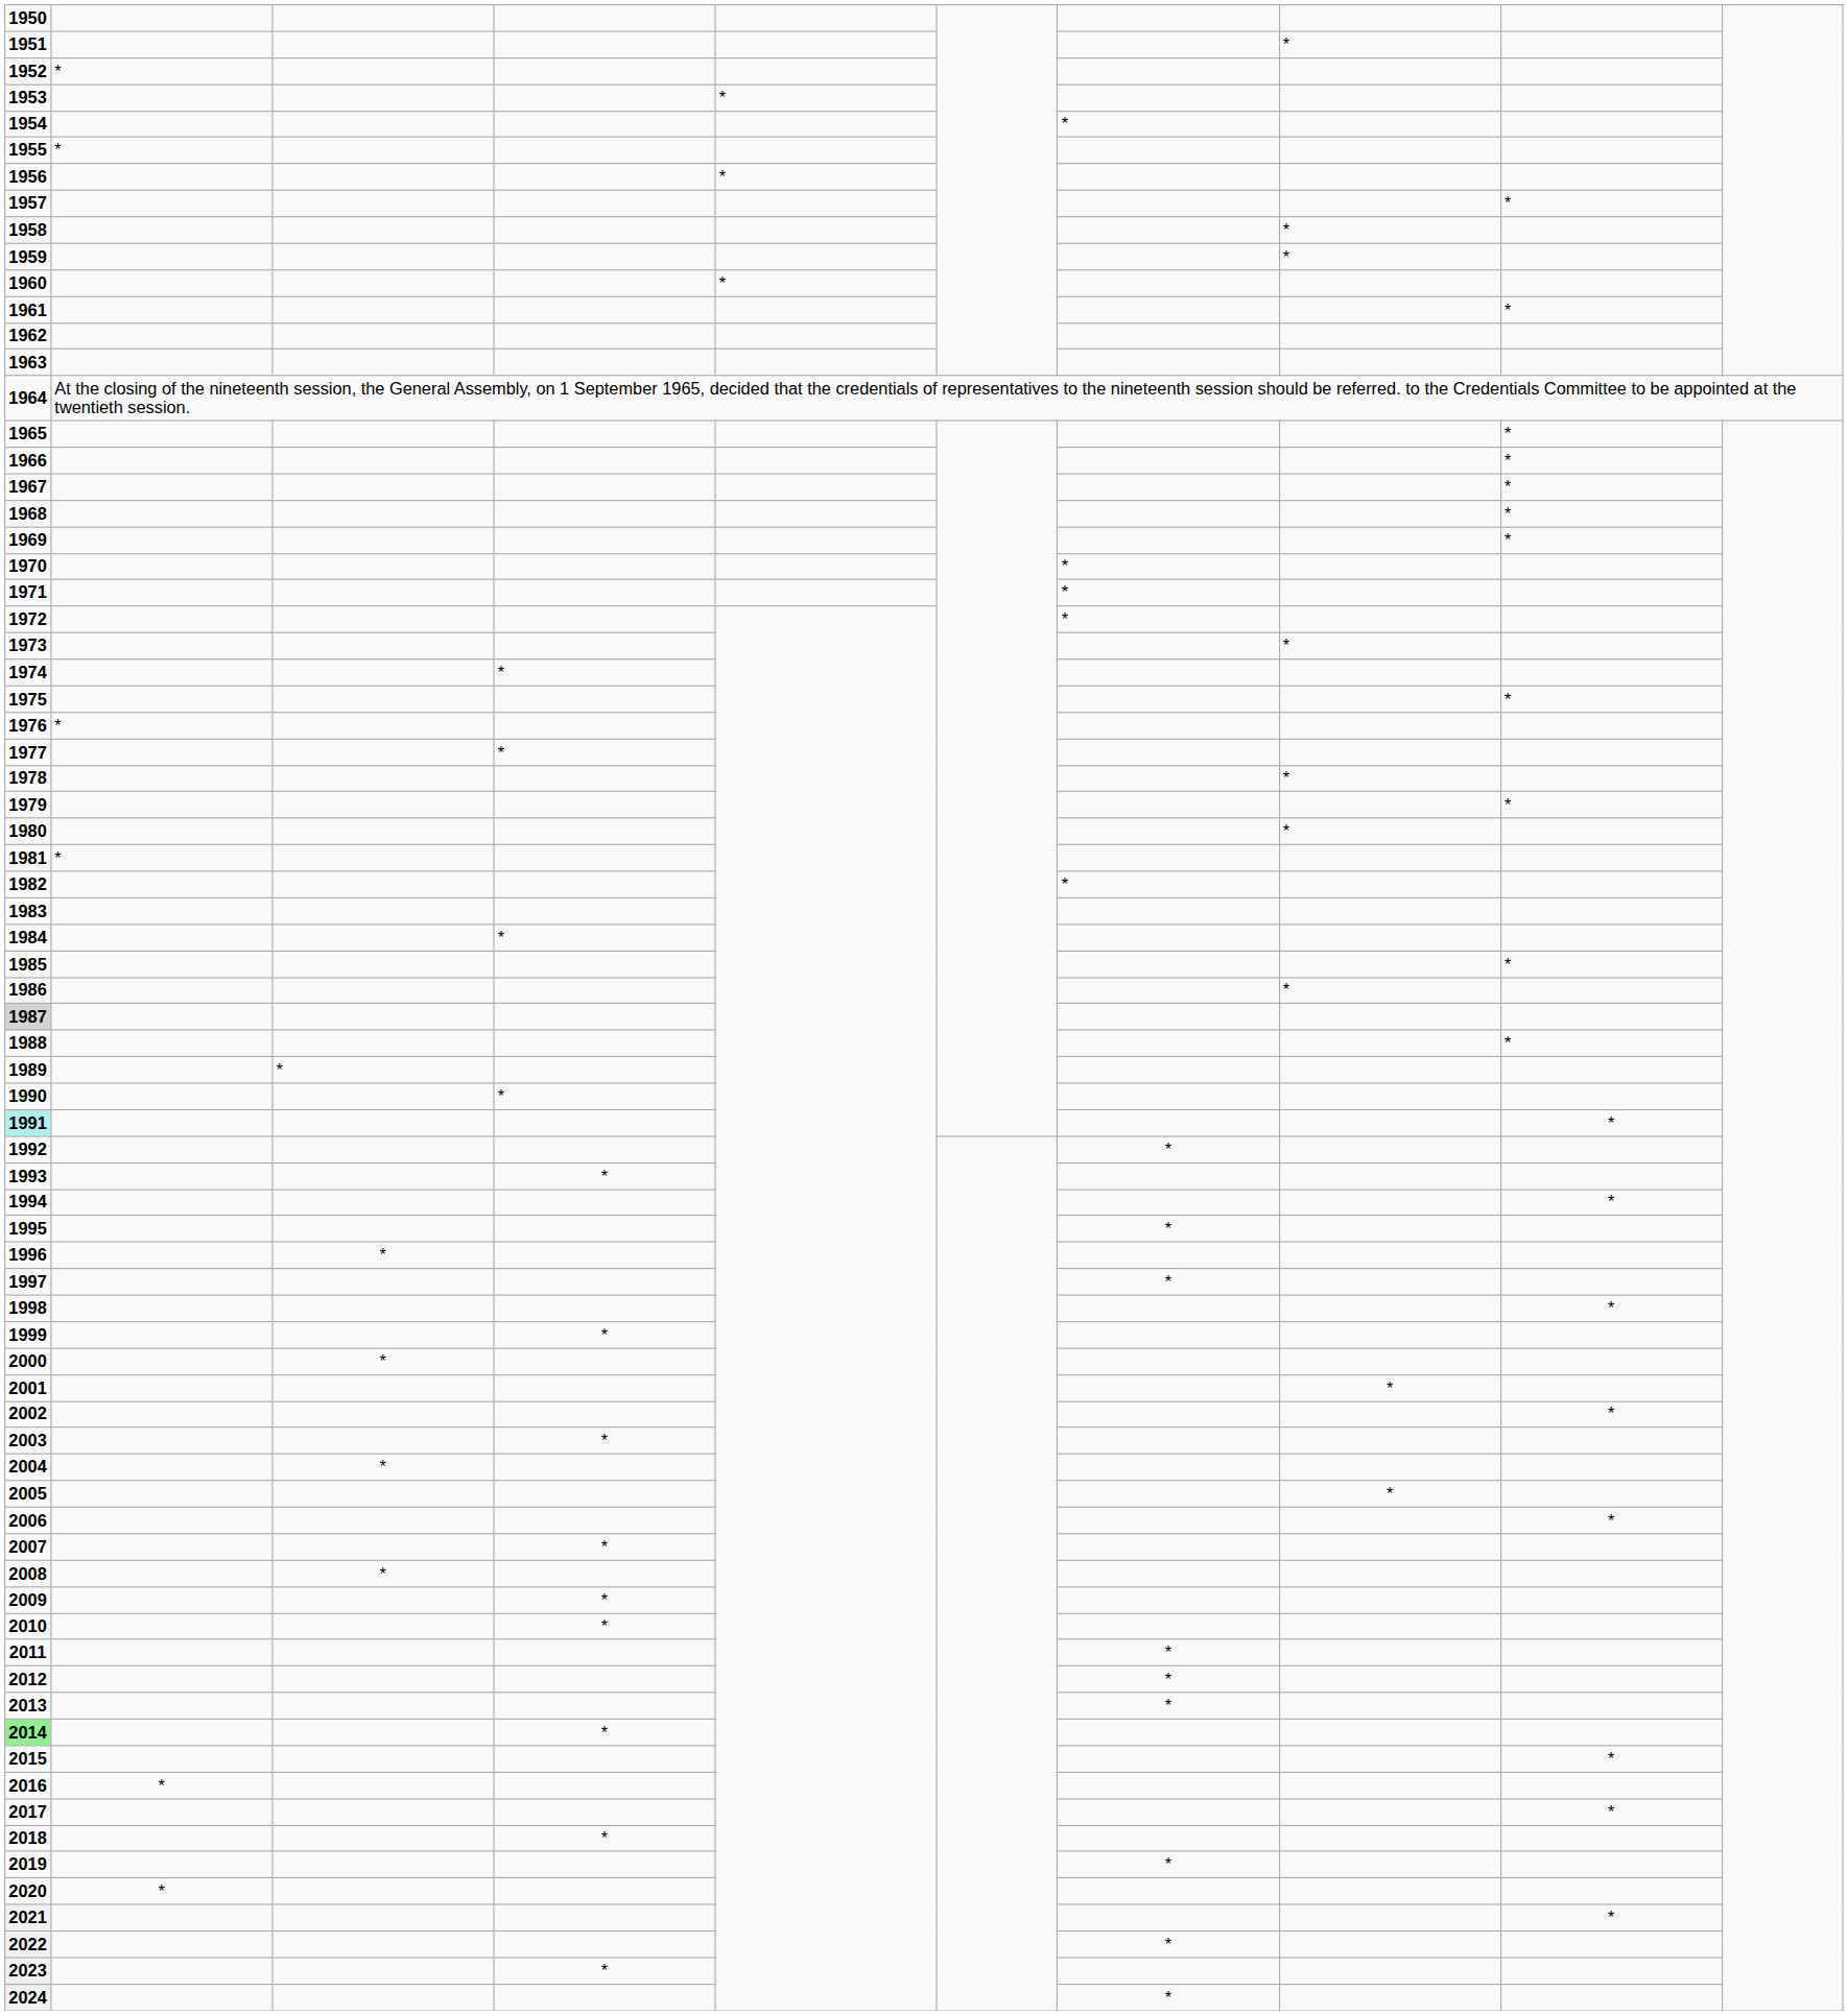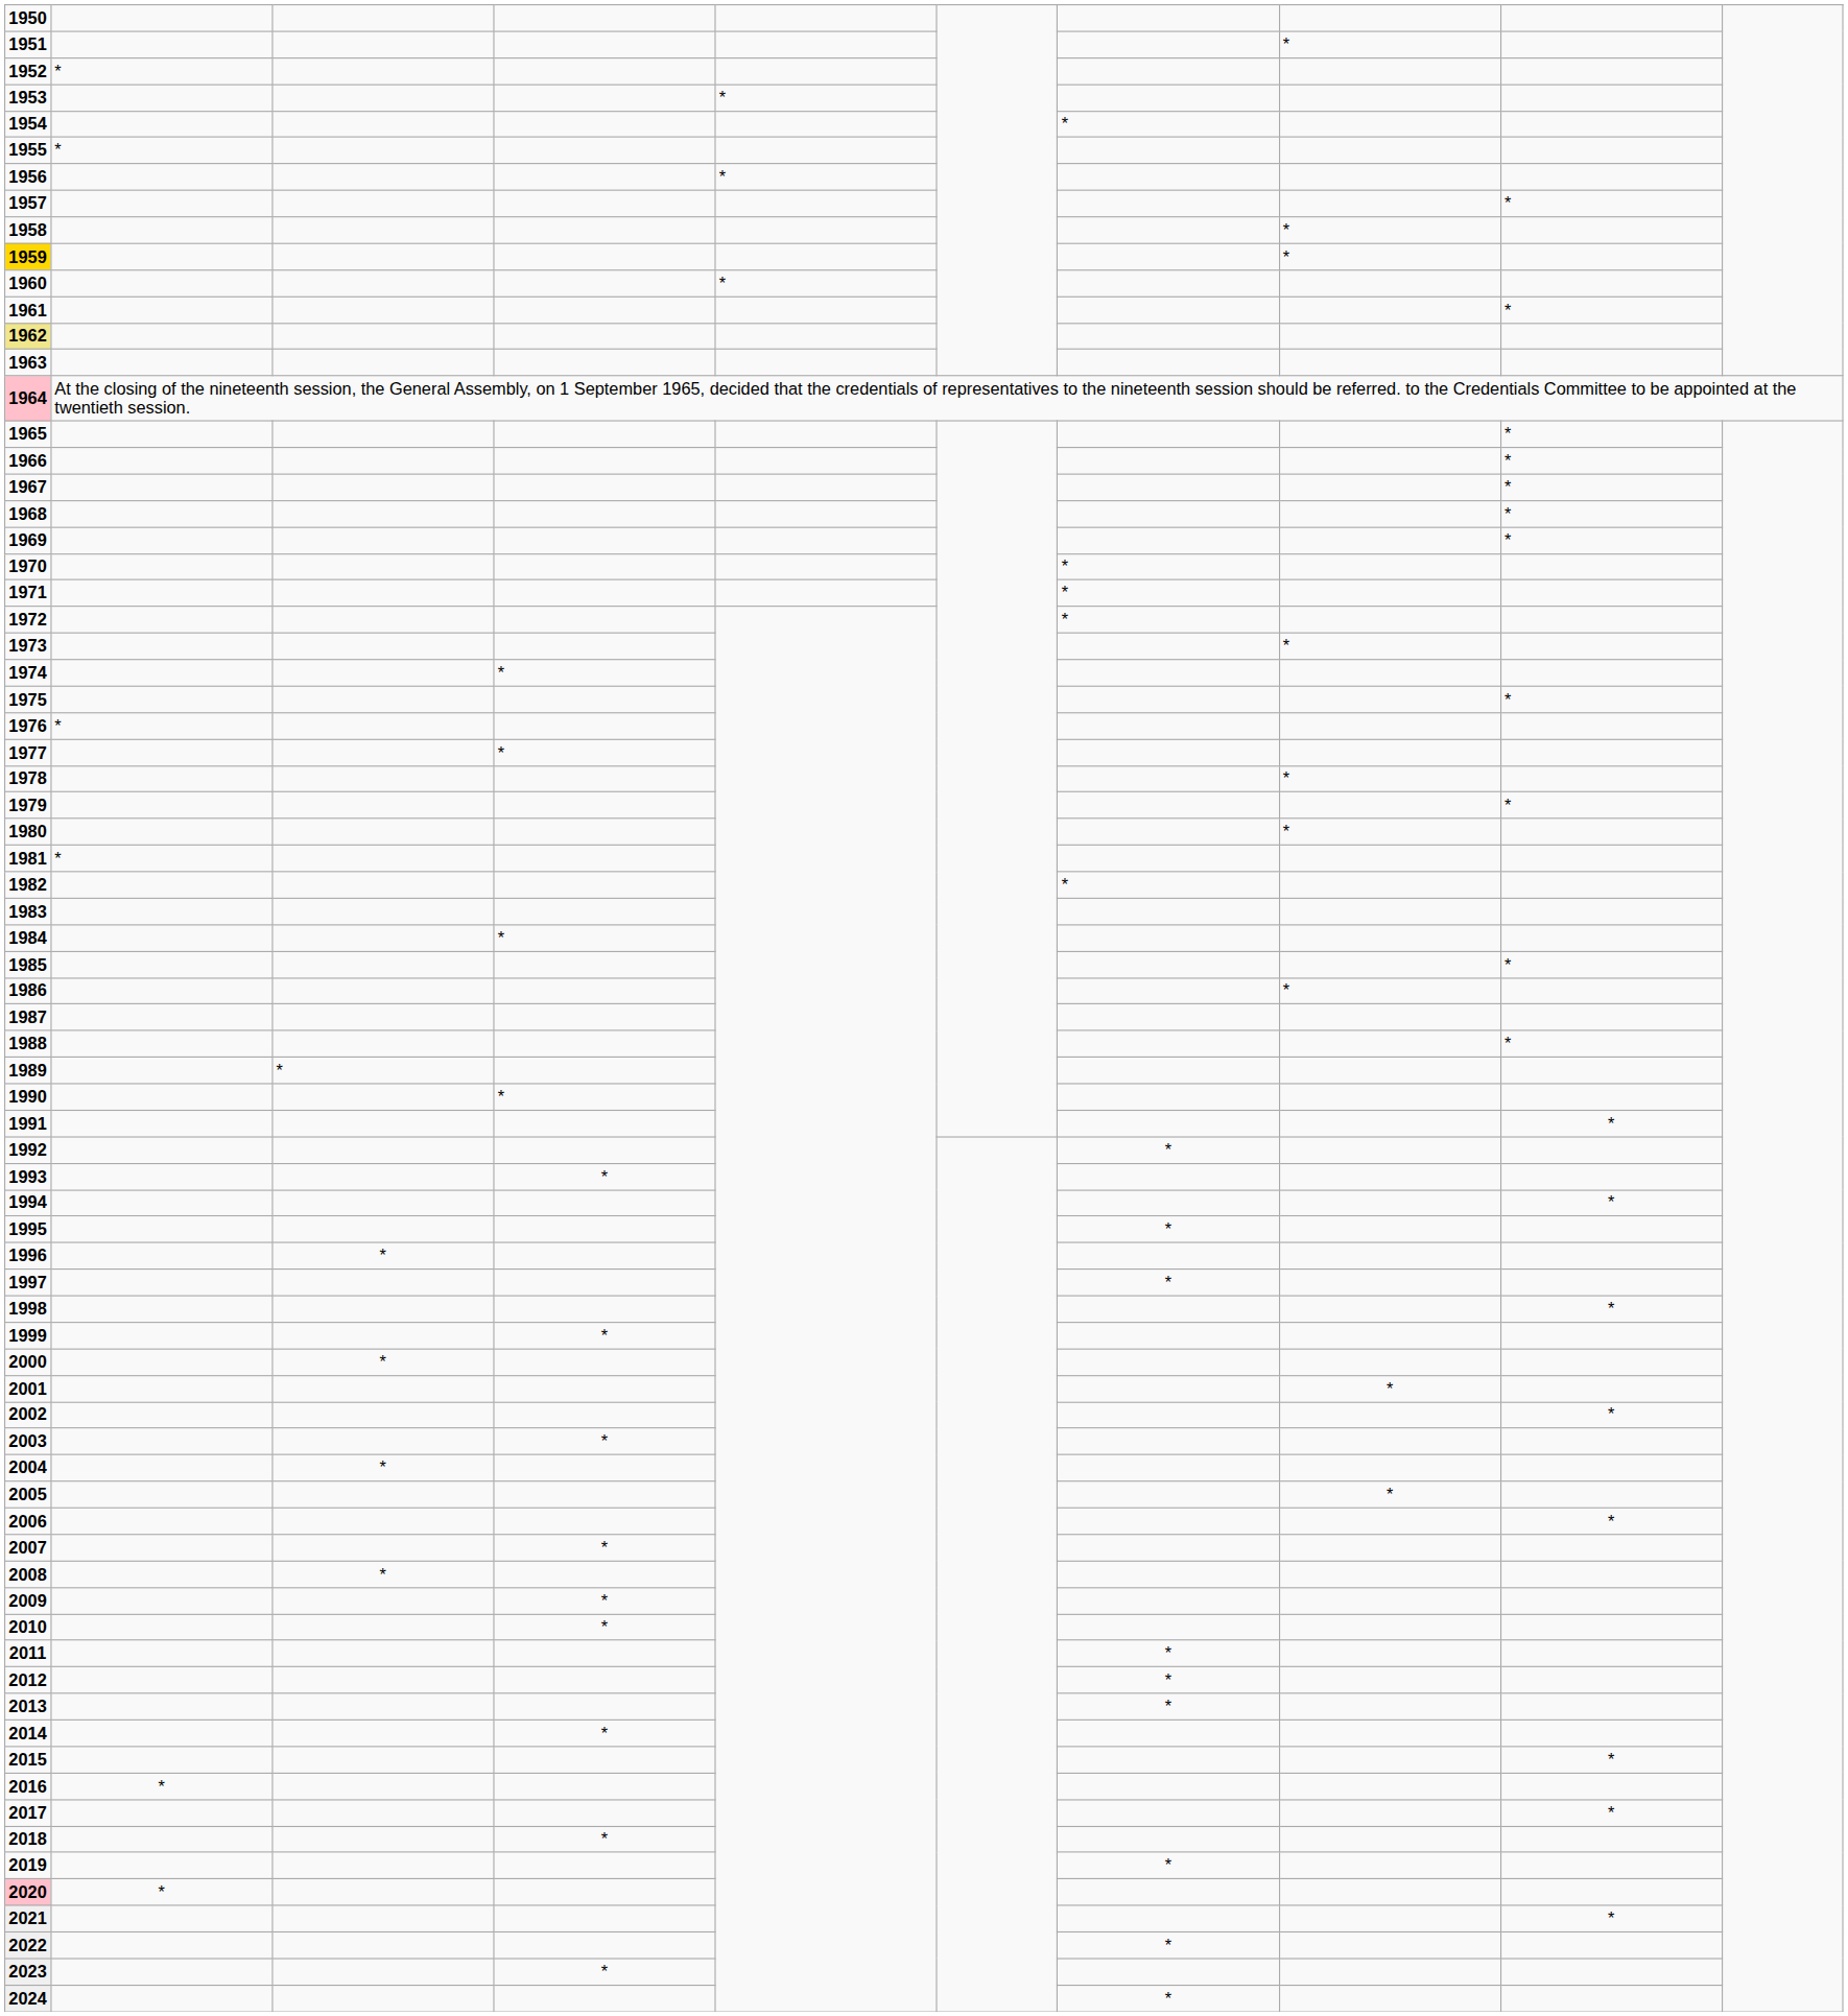 <table class="wikitable" width="80%" style="font-size:92%;">
 <tr>
 <td><strong>1950</strong></td>
 <td></td>
 <td></td>
 <td></td>
 <td></td>
 <td rowspan="14"></td>
 <td></td>
 <td></td>
 <td></td>
 <td rowspan="14"></td>
 </tr>
 <tr>
 <td><strong>1951</strong></td>
 <td></td>
 <td></td>
 <td></td>
 <td></td>
 <td></td>
 <td>*</td>
 <td></td>
 </tr>
 <tr>
 <td><strong>1952</strong></td>
 <td>*</td>
 <td></td>
 <td></td>
 <td></td>
 <td></td>
 <td></td>
 <td></td>
 </tr>
 <tr>
 <td><strong>1953</strong></td>
 <td></td>
 <td></td>
 <td></td>
 <td>*</td>
 <td></td>
 <td></td>
 <td></td>
 </tr>
 <tr>
 <td><strong>1954</strong></td>
 <td></td>
 <td></td>
 <td></td>
 <td></td>
 <td>*</td>
 <td></td>
 <td></td>
 </tr>
 <tr>
 <td><strong>1955</strong></td>
 <td>*</td>
 <td></td>
 <td></td>
 <td></td>
 <td></td>
 <td></td>
 <td></td>
 </tr>
 <tr>
 <td><strong>1956</strong></td>
 <td></td>
 <td></td>
 <td></td>
 <td>*</td>
 <td></td>
 <td></td>
 <td></td>
 </tr>
 <tr>
 <td><strong>1957</strong></td>
 <td></td>
 <td></td>
 <td></td>
 <td></td>
 <td></td>
 <td></td>
 <td>*</td>
 </tr>
 <tr>
 <td><strong>1958</strong></td>
 <td></td>
 <td></td>
 <td></td>
 <td></td>
 <td></td>
 <td>*</td>
 <td></td>
 </tr>
 <tr>
-<td><strong>1959</strong></td>
+<td style="background: gold;"><strong>1959</strong></td>
 <td></td>
 <td></td>
 <td></td>
 <td></td>
 <td></td>
 <td>*</td>
 <td></td>
 </tr>
 <tr>
 <td><strong>1960</strong></td>
 <td></td>
 <td></td>
 <td></td>
 <td>*</td>
 <td></td>
 <td></td>
 <td></td>
 </tr>
 <tr>
 <td><strong>1961</strong></td>
 <td></td>
 <td></td>
 <td></td>
 <td></td>
 <td></td>
 <td></td>
 <td>*</td>
 </tr>
 <tr>
-<td><strong>1962</strong></td>
+<td style="background: khaki;"><strong>1962</strong></td>
 <td></td>
 <td></td>
 <td></td>
 <td></td>
 <td></td>
 <td></td>
 <td></td>
 </tr>
 <tr>
 <td><strong>1963</strong></td>
 <td></td>
 <td></td>
 <td></td>
 <td></td>
 <td></td>
 <td></td>
 <td></td>
 </tr>
 <tr>
-<td><strong>1964</strong></td>
+<td style="background: pink;"><strong>1964</strong></td>
 <td colspan="9">At the closing  of the nineteenth session,  the General  Assembly, on 1 September  1965, decided  that the credentials  of representatives  to the nineteenth  session  should be referred. to the Credentials Committee to be appointed  at the twentieth session.</td>
 </tr>
 <tr>
 <td><strong>1965</strong></td>
 <td></td>
 <td></td>
 <td></td>
 <td></td>
 <td rowspan="27"></td>
 <td></td>
 <td></td>
 <td>*</td>
 <td rowspan="60"></td>
 </tr>
 <tr>
 <td><strong>1966</strong></td>
 <td></td>
 <td></td>
 <td></td>
 <td></td>
 <td></td>
 <td></td>
 <td>*</td>
 </tr>
 <tr>
 <td><strong>1967</strong></td>
 <td></td>
 <td></td>
 <td></td>
 <td></td>
 <td></td>
 <td></td>
 <td>*</td>
 </tr>
 <tr>
 <td><strong>1968</strong></td>
 <td></td>
 <td></td>
 <td></td>
 <td></td>
 <td></td>
 <td></td>
 <td>*</td>
 </tr>
 <tr>
 <td><strong>1969</strong></td>
 <td></td>
 <td></td>
 <td></td>
 <td></td>
 <td></td>
 <td></td>
 <td>*</td>
 </tr>
 <tr>
 <td><strong>1970</strong></td>
 <td></td>
 <td></td>
 <td></td>
 <td></td>
 <td>*</td>
 <td></td>
 <td></td>
 </tr>
 <tr>
 <td><strong>1971</strong></td>
 <td></td>
 <td></td>
 <td></td>
 <td></td>
 <td>*</td>
 <td></td>
 <td></td>
 </tr>
 <tr>
 <td><strong>1972</strong></td>
 <td></td>
 <td></td>
 <td></td>
 <td rowspan="53"></td>
 <td>*</td>
 <td></td>
 <td></td>
 </tr>
 <tr>
 <td><strong>1973</strong></td>
 <td></td>
 <td></td>
 <td></td>
 <td></td>
 <td>*</td>
 <td></td>
 </tr>
 <tr>
 <td><strong>1974</strong></td>
 <td></td>
 <td></td>
 <td>*</td>
 <td></td>
 <td></td>
 <td></td>
 </tr>
 <tr>
 <td><strong>1975</strong></td>
 <td></td>
 <td></td>
 <td></td>
 <td></td>
 <td></td>
 <td>*</td>
 </tr>
 <tr>
 <td><strong>1976</strong></td>
 <td>*</td>
 <td></td>
 <td></td>
 <td></td>
 <td></td>
 <td></td>
 </tr>
 <tr>
 <td><strong>1977</strong></td>
 <td></td>
 <td></td>
 <td>*</td>
 <td></td>
 <td></td>
 <td></td>
 </tr>
 <tr>
 <td><strong>1978</strong></td>
 <td></td>
 <td></td>
 <td></td>
 <td></td>
 <td>*</td>
 <td></td>
 </tr>
 <tr>
 <td><strong>1979</strong></td>
 <td></td>
 <td></td>
 <td></td>
 <td></td>
 <td></td>
 <td>*</td>
 </tr>
 <tr>
 <td><strong>1980</strong></td>
 <td></td>
 <td></td>
 <td></td>
 <td></td>
 <td>*</td>
 <td></td>
 </tr>
 <tr>
 <td><strong>1981</strong></td>
 <td>*</td>
 <td></td>
 <td></td>
 <td></td>
 <td></td>
 <td></td>
 </tr>
 <tr>
 <td><strong>1982</strong></td>
 <td></td>
 <td></td>
 <td></td>
 <td>*</td>
 <td></td>
 <td></td>
 </tr>
 <tr>
 <td><strong>1983</strong></td>
 <td></td>
 <td></td>
 <td></td>
 <td></td>
 <td></td>
 <td></td>
 </tr>
 <tr>
 <td><strong>1984</strong></td>
 <td></td>
 <td></td>
 <td>*</td>
 <td></td>
 <td></td>
 <td></td>
 </tr>
 <tr>
 <td><strong>1985</strong></td>
 <td></td>
 <td></td>
 <td></td>
 <td></td>
 <td></td>
 <td>*</td>
 </tr>
 <tr>
 <td><strong>1986</strong></td>
 <td></td>
 <td></td>
 <td></td>
 <td></td>
 <td>*</td>
 <td></td>
 </tr>
 <tr>
-<td style="background: lightgrey;"><strong>1987</strong></td>
+<td><strong>1987</strong></td>
 <td></td>
 <td></td>
 <td></td>
 <td></td>
 <td></td>
 <td></td>
 </tr>
 <tr>
 <td><strong>1988</strong></td>
 <td></td>
 <td></td>
 <td></td>
 <td></td>
 <td></td>
 <td>*</td>
 </tr>
 <tr>
 <td><strong>1989</strong></td>
 <td></td>
 <td>*</td>
 <td></td>
 <td></td>
 <td></td>
 <td></td>
 </tr>
 <tr>
 <td><strong>1990</strong></td>
 <td></td>
 <td></td>
 <td>*</td>
 <td></td>
 <td></td>
 <td></td>
 </tr>
 <tr align="center">
-<td style="background: paleturquoise;"><strong>1991</strong></td>
+<td><strong>1991</strong></td>
 <td></td>
 <td></td>
 <td></td>
 <td></td>
 <td></td>
 <td>*</td>
 </tr>
 <tr align="center">
 <td><strong>1992</strong></td>
 <td></td>
 <td></td>
 <td></td>
 <td rowspan="33"></td>
 <td>*</td>
 <td></td>
 <td></td>
 </tr>
 <tr align="center">
 <td><strong>1993</strong></td>
 <td></td>
 <td></td>
 <td>*</td>
 <td></td>
 <td></td>
 <td></td>
 </tr>
 <tr align="center">
 <td><strong>1994</strong></td>
 <td></td>
 <td></td>
 <td></td>
 <td></td>
 <td></td>
 <td>*</td>
 </tr>
 <tr align="center">
 <td><strong>1995</strong></td>
 <td></td>
 <td></td>
 <td></td>
 <td>*</td>
 <td></td>
 <td></td>
 </tr>
 <tr align="center">
 <td><strong>1996</strong></td>
 <td></td>
 <td>*</td>
 <td></td>
 <td></td>
 <td></td>
 <td></td>
 </tr>
 <tr align="center">
 <td><strong>1997</strong></td>
 <td></td>
 <td></td>
 <td></td>
 <td>*</td>
 <td></td>
 <td></td>
 </tr>
 <tr align="center">
 <td><strong>1998</strong></td>
 <td></td>
 <td></td>
 <td></td>
 <td></td>
 <td></td>
 <td>*</td>
 </tr>
 <tr align="center">
 <td><strong>1999</strong></td>
 <td></td>
 <td></td>
 <td>*</td>
 <td></td>
 <td></td>
 <td></td>
 </tr>
 <tr align="center">
 <td><strong>2000</strong></td>
 <td></td>
 <td>*</td>
 <td></td>
 <td></td>
 <td></td>
 <td></td>
 </tr>
 <tr align="center">
 <td><strong>2001</strong></td>
 <td></td>
 <td></td>
 <td></td>
 <td></td>
 <td>*</td>
 <td></td>
 </tr>
 <tr align="center">
 <td><strong>2002</strong></td>
 <td></td>
 <td></td>
 <td></td>
 <td></td>
 <td></td>
 <td>*</td>
 </tr>
 <tr align="center">
 <td><strong>2003</strong></td>
 <td></td>
 <td></td>
 <td>*</td>
 <td></td>
 <td></td>
 <td></td>
 </tr>
 <tr align="center">
 <td><strong>2004</strong></td>
 <td></td>
 <td>*</td>
 <td></td>
 <td></td>
 <td></td>
 <td></td>
 </tr>
 <tr align="center">
 <td><strong>2005</strong></td>
 <td></td>
 <td></td>
 <td></td>
 <td></td>
 <td>*</td>
 <td></td>
 </tr>
 <tr align="center">
 <td><strong>2006</strong></td>
 <td></td>
 <td></td>
 <td></td>
 <td></td>
 <td></td>
 <td>*</td>
 </tr>
 <tr align="center">
 <td><strong>2007</strong></td>
 <td></td>
 <td></td>
 <td>*</td>
 <td></td>
 <td></td>
 <td></td>
 </tr>
 <tr align="center">
 <td><strong>2008</strong></td>
 <td></td>
 <td>*</td>
 <td></td>
 <td></td>
 <td></td>
 <td></td>
 </tr>
 <tr align="center">
 <td><strong>2009</strong></td>
 <td></td>
 <td></td>
 <td>*</td>
 <td></td>
 <td></td>
 <td></td>
 </tr>
 <tr align="center">
 <td><strong>2010</strong></td>
 <td></td>
 <td></td>
 <td>*</td>
 <td></td>
 <td></td>
 <td></td>
 </tr>
 <tr align="center">
 <td><strong>2011</strong></td>
 <td></td>
 <td></td>
 <td></td>
 <td>*</td>
 <td></td>
 <td></td>
 </tr>
 <tr align="center">
 <td><strong>2012</strong></td>
 <td></td>
 <td></td>
 <td></td>
 <td>*</td>
 <td></td>
 <td></td>
 </tr>
 <tr align="center">
 <td><strong>2013</strong></td>
 <td></td>
 <td></td>
 <td></td>
 <td>*</td>
 <td></td>
 <td></td>
 </tr>
 <tr align="center">
-<td style="background: lightgreen;"><strong>2014</strong></td>
+<td><strong>2014</strong></td>
 <td></td>
 <td></td>
 <td>*</td>
 <td></td>
 <td></td>
 <td></td>
 </tr>
 <tr align="center">
 <td><strong>2015</strong></td>
 <td></td>
 <td></td>
 <td></td>
 <td></td>
 <td></td>
 <td>*</td>
 </tr>
 <tr align="center">
 <td><strong>2016</strong></td>
 <td>*</td>
 <td></td>
 <td></td>
 <td></td>
 <td></td>
 <td></td>
 </tr>
 <tr align="center">
 <td><strong>2017</strong></td>
 <td></td>
 <td></td>
 <td></td>
 <td></td>
 <td></td>
 <td>*</td>
 </tr>
 <tr align="center">
 <td><strong>2018</strong></td>
 <td></td>
 <td></td>
 <td>*</td>
 <td></td>
 <td></td>
 <td></td>
 </tr>
 <tr align="center">
 <td><strong>2019</strong></td>
 <td></td>
 <td></td>
 <td></td>
 <td>*</td>
 <td></td>
 <td></td>
 </tr>
 <tr align="center">
-<td><strong>2020</strong></td>
+<td style="background: pink;"><strong>2020</strong></td>
 <td>*</td>
 <td></td>
 <td></td>
 <td></td>
 <td></td>
 <td></td>
 </tr>
 <tr align="center">
 <td style="background: #f0f0f0"><strong>2021</strong></td>
 <td></td>
 <td></td>
 <td></td>
 <td></td>
 <td></td>
 <td>*</td>
 </tr>
 <tr align="center">
 <td style="background: #f0f0f0"><strong>2022</strong></td>
 <td></td>
 <td></td>
 <td></td>
 <td>*</td>
 <td></td>
 <td></td>
 </tr>
 <tr align="center">
 <td style="background: #f0f0f0"><strong>2023</strong></td>
 <td></td>
 <td></td>
 <td>*</td>
 <td></td>
 <td></td>
 <td></td>
 </tr>
 <tr align="center">
 <td style="background: #f0f0f0"><strong>2024</strong></td>
 <td></td>
 <td></td>
 <td></td>
 <td>*</td>
 <td></td>
 <td></td>
 </tr>
 </table>
